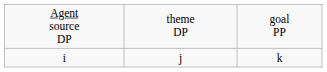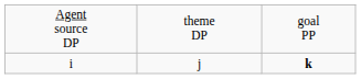 <table class="wikitable" style="text-align: center; width: 50%; margin: 1em auto 1em auto">
 <tr>
 <td><u>Agent</u><br> source <br> DP</td>
 <td>theme<br> DP</td>
 <td>goal <br> PP</td>
 </tr>
 <tr>
 <td>i</td>
 <td>j</td>
-<td>k</td>
+<td><strong>k</strong></td>
 </tr>
 </table>
